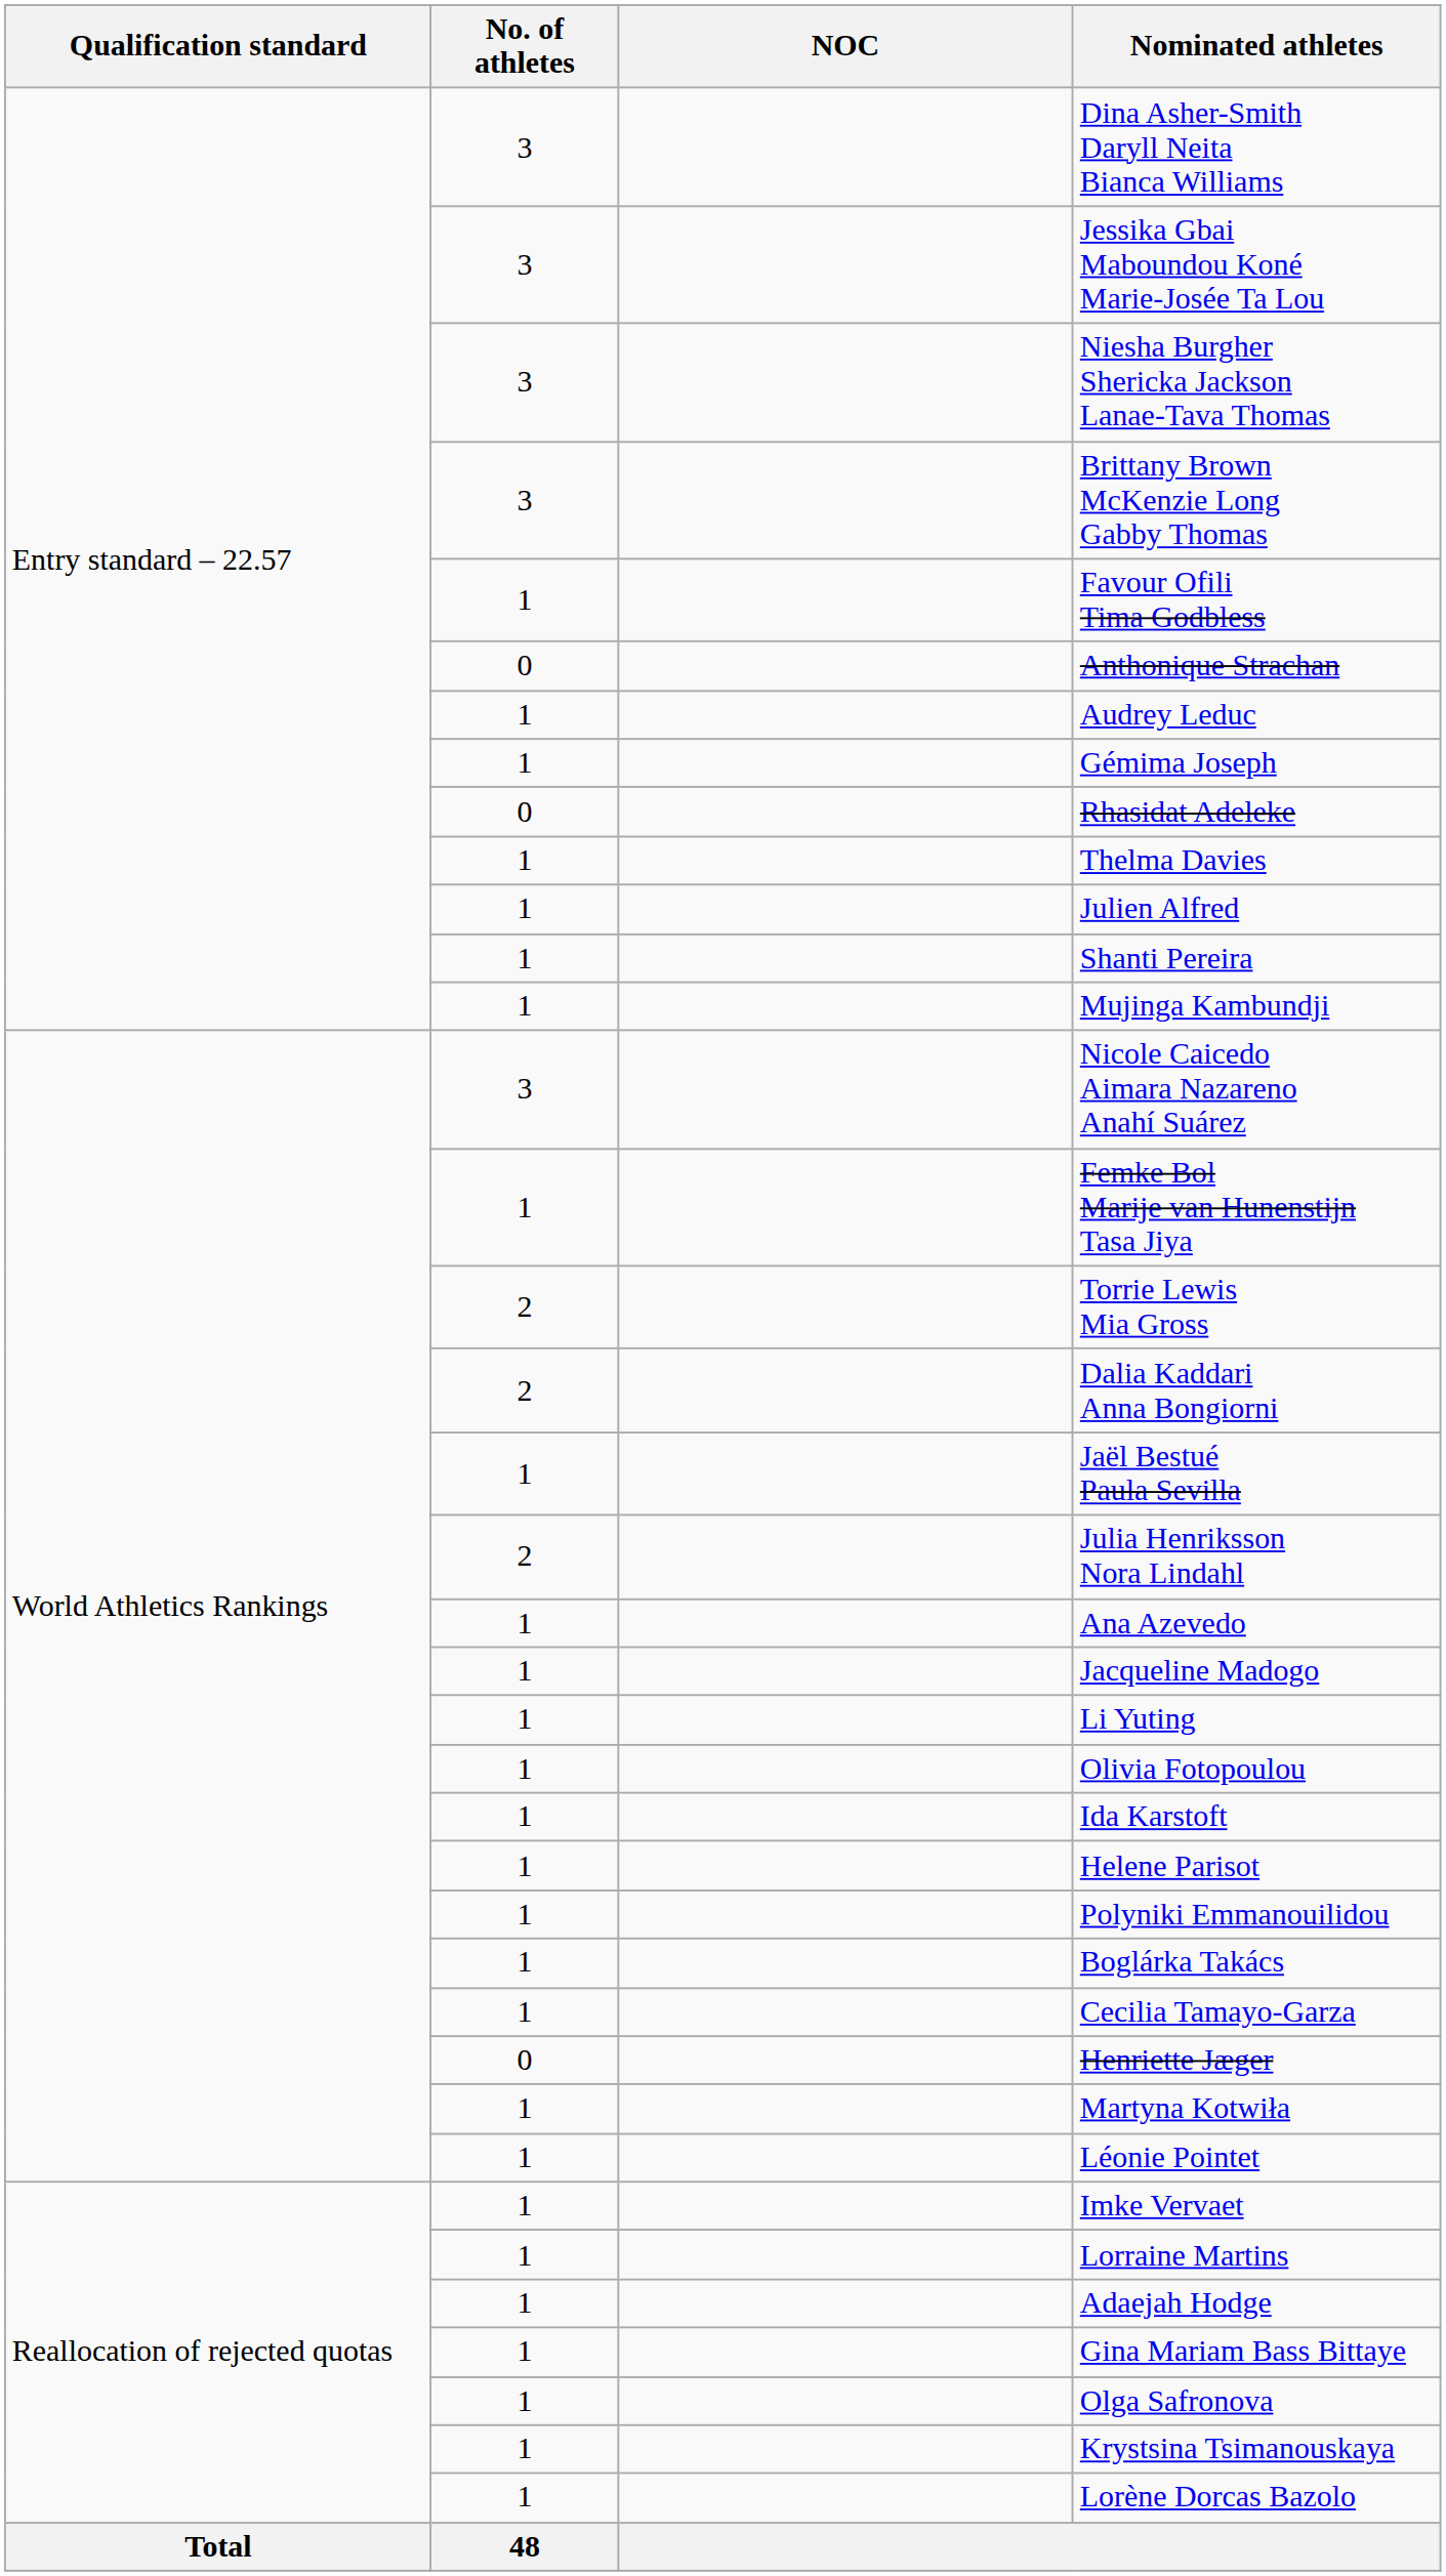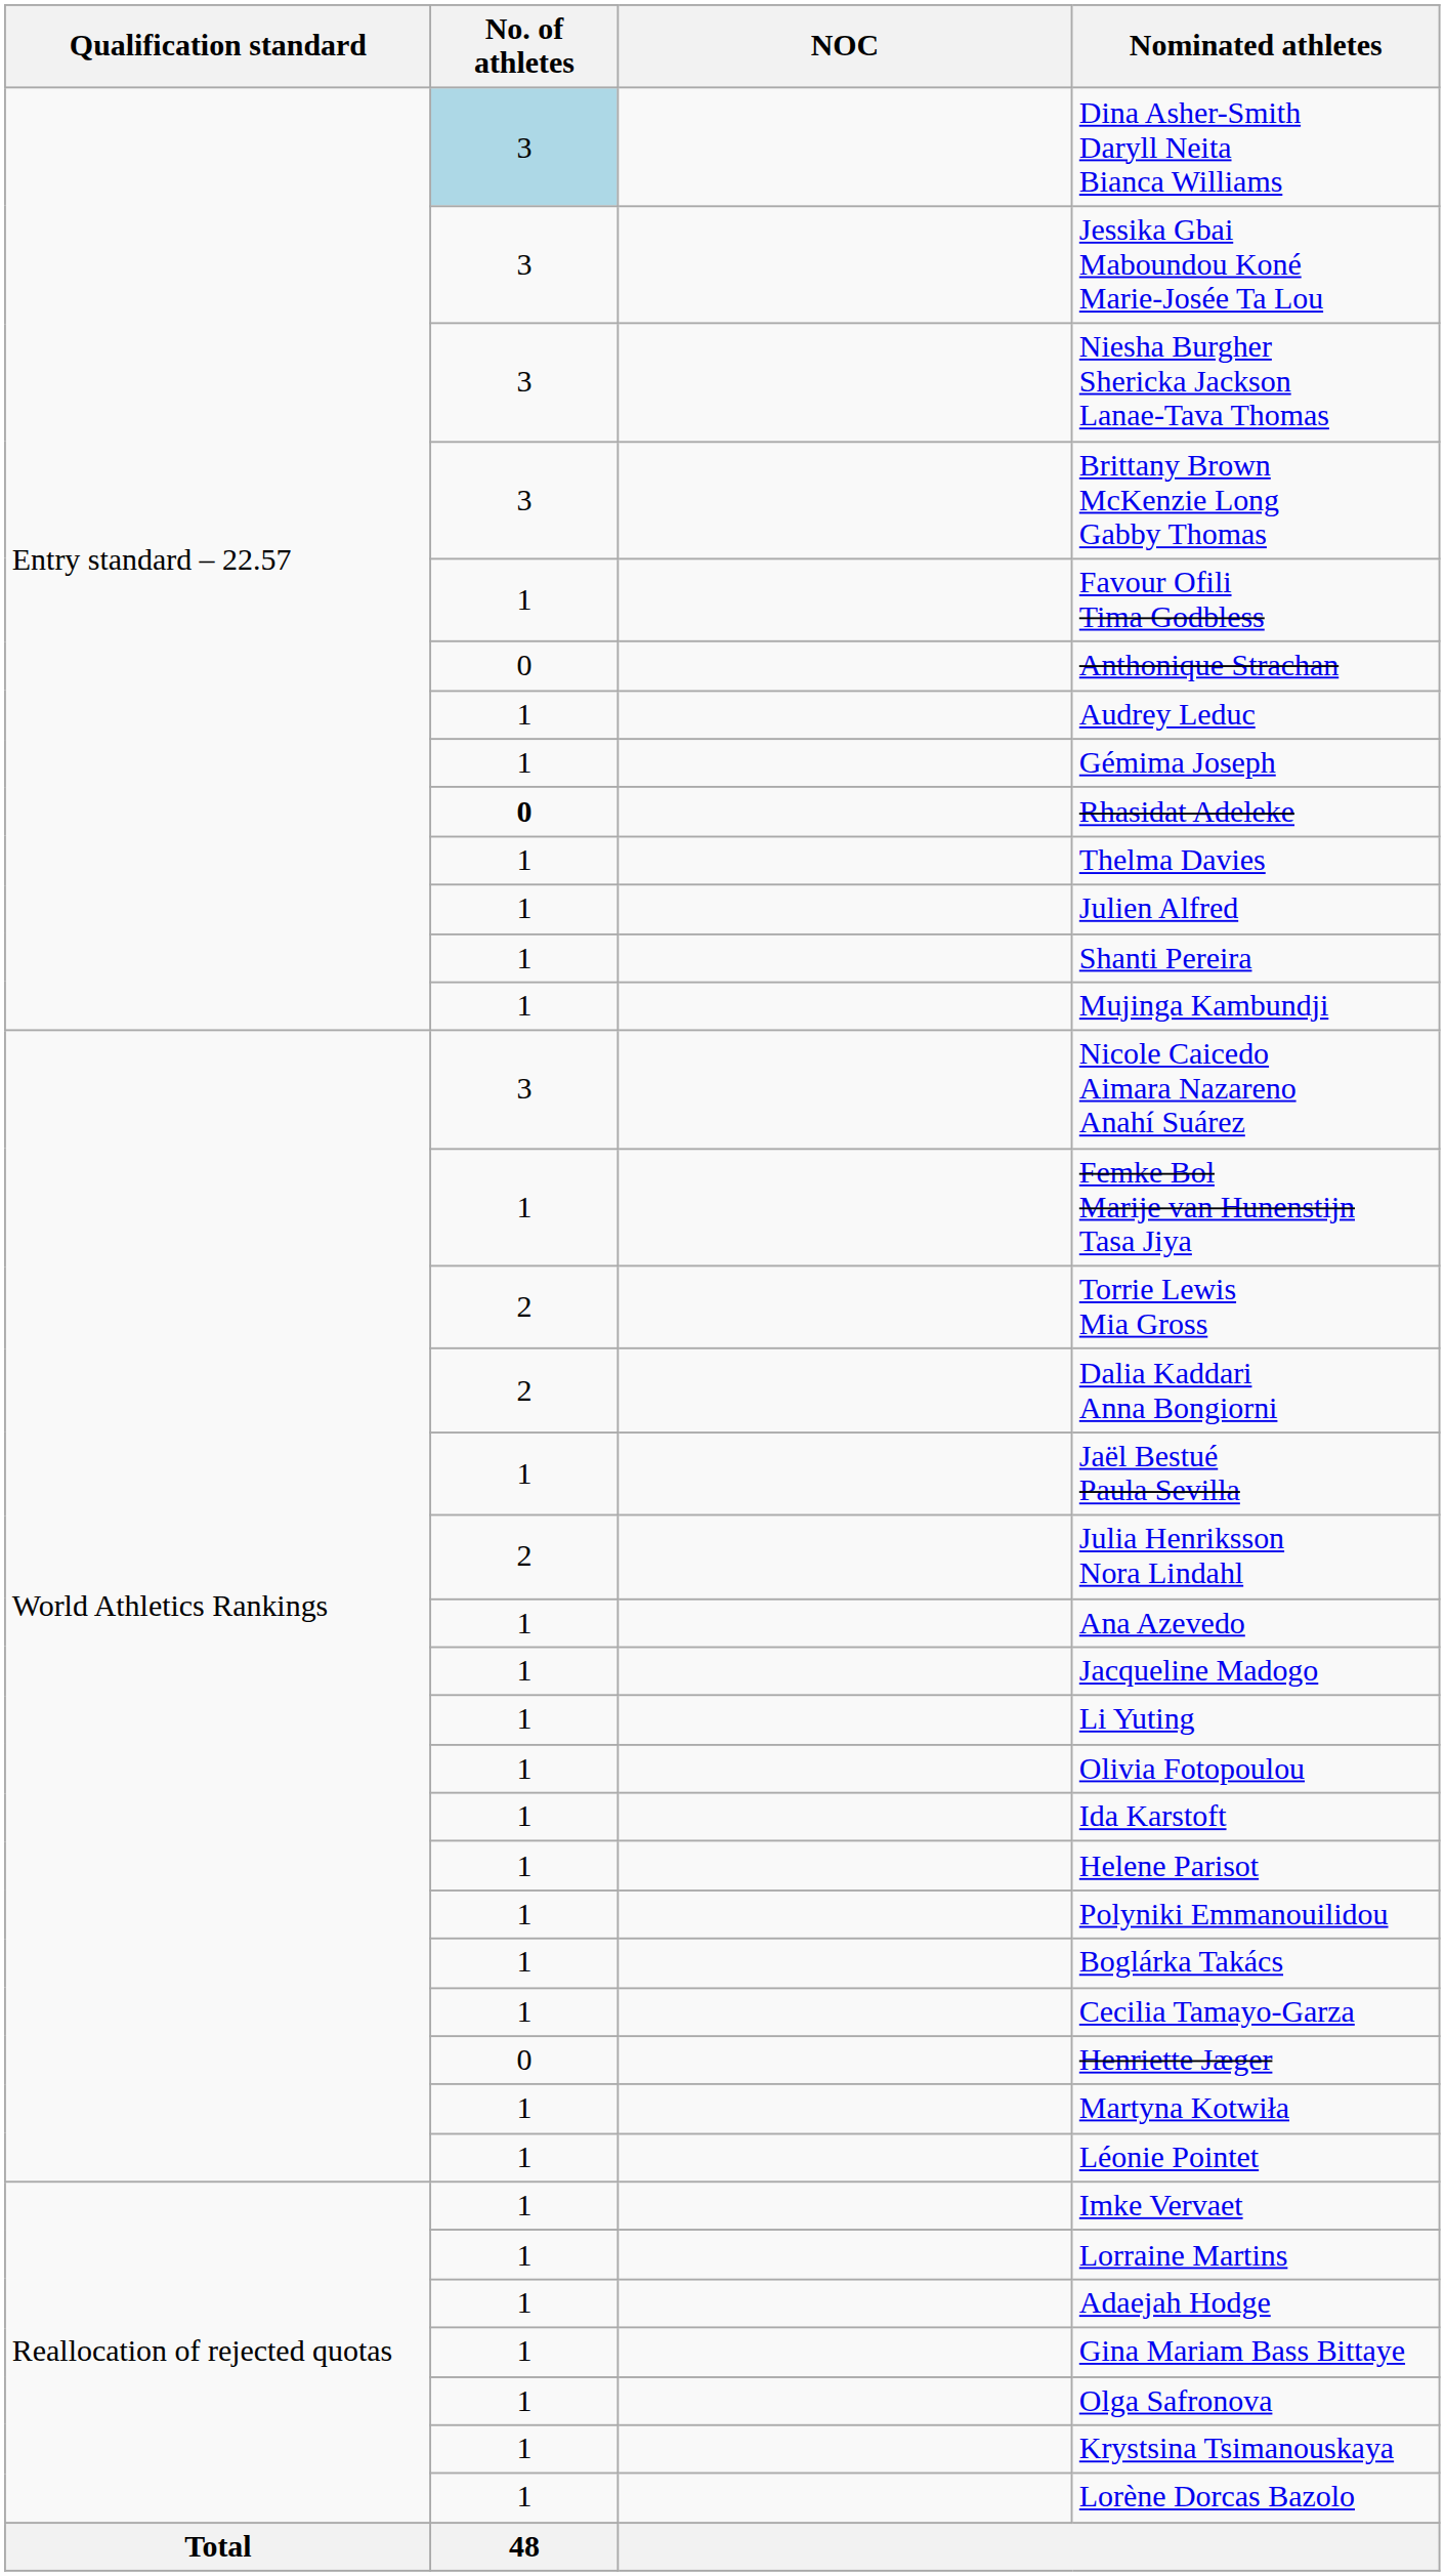 <table class="wikitable sortable" style="text-align:left; width:750px;">
 <tr>
 <th>Qualification standard</th>
 <th width=90>No. of athletes</th>
 <th width=230>NOC</th>
 <th>Nominated athletes</th>
 </tr>
 <tr>
 <td rowspan=13>Entry standard – 22.57</td>
-<td align=center>3</td>
+<td align=center style="background: lightblue;">3</td>
 <td></td>
 <td><a href='#'>Dina Asher-Smith</a><br><a href='#'>Daryll Neita</a><br><a href='#'>Bianca Williams</a></td>
 </tr>
 <tr>
 <td align=center>3</td>
 <td></td>
 <td><a href='#'>Jessika Gbai</a><br><a href='#'>Maboundou Koné</a><br><a href='#'>Marie-Josée Ta Lou</a></td>
 </tr>
 <tr>
 <td align=center>3</td>
 <td></td>
 <td><a href='#'>Niesha Burgher</a><br><a href='#'>Shericka Jackson</a><br><a href='#'>Lanae-Tava Thomas</a></td>
 </tr>
 <tr>
 <td align=center>3</td>
 <td></td>
 <td><a href='#'>Brittany Brown</a><br><a href='#'>McKenzie Long</a><br><a href='#'>Gabby Thomas</a></td>
 </tr>
 <tr>
 <td align=center>1</td>
 <td></td>
 <td><a href='#'>Favour Ofili</a> <br> <s><a href='#'>Tima Godbless</a></s></td>
 </tr>
 <tr>
 <td align=center>0</td>
 <td><s></s></td>
 <td><s><a href='#'>Anthonique Strachan</a></s></td>
 </tr>
 <tr>
 <td align=center>1</td>
 <td></td>
 <td><a href='#'>Audrey Leduc</a></td>
 </tr>
 <tr>
 <td align=center>1</td>
 <td></td>
 <td><a href='#'>Gémima Joseph</a></td>
 </tr>
 <tr>
-<td align=center>0</td>
+<td align=center><strong>0</strong></td>
 <td><s></s></td>
 <td><s><a href='#'>Rhasidat Adeleke</a></s></td>
 </tr>
 <tr>
 <td align=center>1</td>
 <td></td>
 <td><a href='#'>Thelma Davies</a></td>
 </tr>
 <tr>
 <td align=center>1</td>
 <td></td>
 <td><a href='#'>Julien Alfred</a></td>
 </tr>
 <tr>
 <td align=center>1</td>
 <td></td>
 <td><a href='#'>Shanti Pereira</a></td>
 </tr>
 <tr>
 <td align=center>1</td>
 <td></td>
 <td><a href='#'>Mujinga Kambundji</a></td>
 </tr>
 <tr>
 <td rowspan=18>World Athletics Rankings</td>
 <td align=center>3</td>
 <td></td>
 <td><a href='#'>Nicole Caicedo</a><br><a href='#'>Aimara Nazareno</a><br><a href='#'>Anahí Suárez</a></td>
 </tr>
 <tr>
 <td align=center>1</td>
 <td></td>
 <td><s><a href='#'>Femke Bol</a></s><br><s><a href='#'>Marije van Hunenstijn</a></s><br><a href='#'>Tasa Jiya</a></td>
 </tr>
 <tr>
 <td align=center>2</td>
 <td></td>
 <td><a href='#'>Torrie Lewis</a><br><a href='#'>Mia Gross</a></td>
 </tr>
 <tr>
 <td align=center>2</td>
 <td></td>
 <td><a href='#'>Dalia Kaddari</a><br><a href='#'>Anna Bongiorni</a></td>
 </tr>
 <tr>
 <td align=center>1</td>
 <td></td>
 <td><a href='#'>Jaël Bestué</a><br><s><a href='#'>Paula Sevilla</a></s></td>
 </tr>
 <tr>
 <td align=center>2</td>
 <td></td>
 <td><a href='#'>Julia Henriksson</a><br><a href='#'>Nora Lindahl</a></td>
 </tr>
 <tr>
 <td align=center>1</td>
 <td></td>
 <td><a href='#'>Ana Azevedo</a></td>
 </tr>
 <tr>
 <td align=center>1</td>
 <td></td>
 <td><a href='#'>Jacqueline Madogo</a></td>
 </tr>
 <tr>
 <td align=center>1</td>
 <td></td>
 <td><a href='#'>Li Yuting</a></td>
 </tr>
 <tr>
 <td align=center>1</td>
 <td></td>
 <td><a href='#'>Olivia Fotopoulou</a></td>
 </tr>
 <tr>
 <td align=center>1</td>
 <td></td>
 <td><a href='#'>Ida Karstoft</a></td>
 </tr>
 <tr>
 <td align=center>1</td>
 <td></td>
 <td><a href='#'>Helene Parisot</a></td>
 </tr>
 <tr>
 <td align=center>1</td>
 <td></td>
 <td><a href='#'>Polyniki Emmanouilidou</a></td>
 </tr>
 <tr>
 <td align=center>1</td>
 <td></td>
 <td><a href='#'>Boglárka Takács</a></td>
 </tr>
 <tr>
 <td align=center>1</td>
 <td></td>
 <td><a href='#'>Cecilia Tamayo-Garza</a></td>
 </tr>
 <tr>
 <td align=center>0</td>
 <td><s></s></td>
 <td><s><a href='#'>Henriette Jæger</a></s></td>
 </tr>
 <tr>
 <td align=center>1</td>
 <td></td>
 <td><a href='#'>Martyna Kotwiła</a></td>
 </tr>
 <tr>
 <td align=center>1</td>
 <td></td>
 <td><a href='#'>Léonie Pointet</a></td>
 </tr>
 <tr>
 <td rowspan=7>Reallocation of rejected quotas</td>
 <td align=center>1</td>
 <td></td>
 <td><a href='#'>Imke Vervaet</a></td>
 </tr>
 <tr>
 <td align=center>1</td>
 <td></td>
 <td><a href='#'>Lorraine Martins</a></td>
 </tr>
 <tr>
 <td align=center>1</td>
 <td></td>
 <td><a href='#'>Adaejah Hodge</a></td>
 </tr>
 <tr>
 <td align=center>1</td>
 <td></td>
 <td><a href='#'>Gina Mariam Bass Bittaye</a></td>
 </tr>
 <tr>
 <td align=center>1</td>
 <td></td>
 <td><a href='#'>Olga Safronova</a></td>
 </tr>
 <tr>
 <td align=center>1</td>
 <td></td>
 <td><a href='#'>Krystsina Tsimanouskaya</a></td>
 </tr>
 <tr>
 <td align=center>1</td>
 <td></td>
 <td><a href='#'>Lorène Dorcas Bazolo</a></td>
 </tr>
 <tr>
 <th>Total</th>
 <th>48</th>
 <th colspan=2></th>
 </tr>
 </table>
